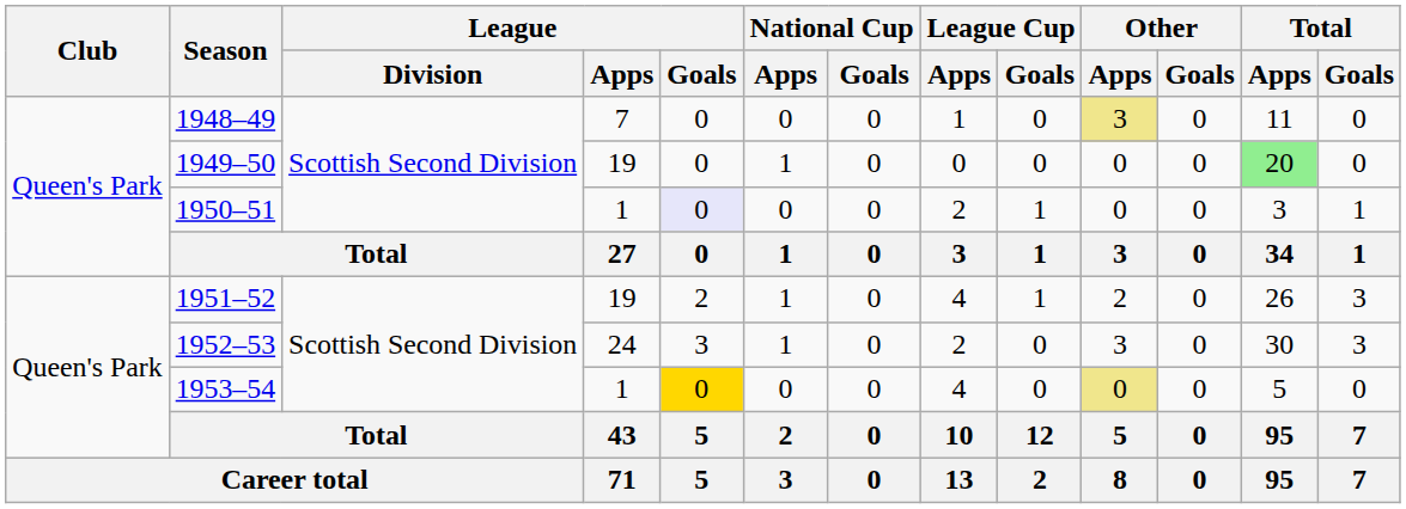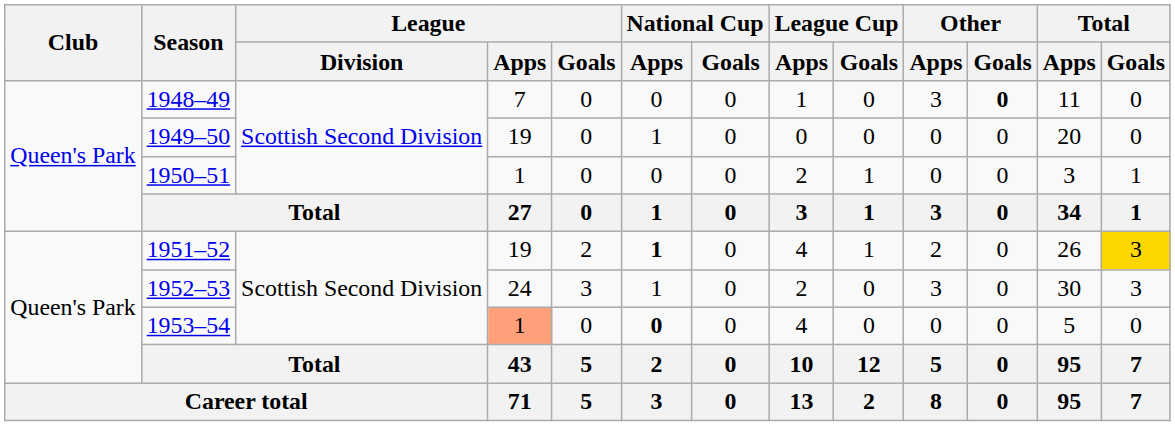 <table class="wikitable" style="text-align: center;">
 <tr>
 <th rowspan="2">Club</th>
 <th rowspan="2">Season</th>
 <th colspan="3">League</th>
 <th colspan="2">National Cup</th>
 <th colspan="2">League Cup</th>
 <th colspan="2">Other</th>
 <th colspan="2">Total</th>
 </tr>
 <tr>
 <th>Division</th>
 <th>Apps</th>
 <th>Goals</th>
 <th>Apps</th>
 <th>Goals</th>
 <th>Apps</th>
 <th>Goals</th>
 <th>Apps</th>
 <th>Goals</th>
 <th>Apps</th>
 <th>Goals</th>
 </tr>
 <tr>
 <td rowspan="4"><a href='#'>Queen's Park</a></td>
 <td><a href='#'>1948–49</a></td>
 <td rowspan="3"><a href='#'>Scottish Second Division</a></td>
 <td>7</td>
 <td>0</td>
 <td>0</td>
 <td>0</td>
 <td>1</td>
 <td>0</td>
-<td style="background: khaki;">3</td>
-<td>0</td>
+<td>3</td>
+<td><strong>0</strong></td>
 <td>11</td>
 <td>0</td>
 </tr>
 <tr>
 <td><a href='#'>1949–50</a></td>
 <td>19</td>
 <td>0</td>
 <td>1</td>
 <td>0</td>
 <td>0</td>
 <td>0</td>
 <td>0</td>
 <td>0</td>
-<td style="background: lightgreen;">20</td>
+<td>20</td>
 <td>0</td>
 </tr>
 <tr>
 <td><a href='#'>1950–51</a></td>
 <td>1</td>
-<td style="background: lavender;">0</td>
+<td>0</td>
 <td>0</td>
 <td>0</td>
 <td>2</td>
 <td>1</td>
 <td>0</td>
 <td>0</td>
 <td>3</td>
 <td>1</td>
 </tr>
 <tr>
 <th colspan="2">Total</th>
 <th>27</th>
 <th>0</th>
 <th>1</th>
 <th>0</th>
 <th>3</th>
 <th>1</th>
 <th>3</th>
 <th>0</th>
 <th>34</th>
 <th>1</th>
 </tr>
 <tr>
 <td rowspan="4">Queen's Park</td>
 <td><a href='#'>1951–52</a></td>
 <td rowspan="3">Scottish Second Division</td>
 <td>19</td>
 <td>2</td>
-<td>1</td>
+<td><strong>1</strong></td>
 <td>0</td>
 <td>4</td>
 <td>1</td>
 <td>2</td>
 <td>0</td>
 <td>26</td>
-<td>3</td>
+<td style="background: gold;">3</td>
 </tr>
 <tr>
 <td><a href='#'>1952–53</a></td>
 <td>24</td>
 <td>3</td>
 <td>1</td>
 <td>0</td>
 <td>2</td>
 <td>0</td>
 <td>3</td>
 <td>0</td>
 <td>30</td>
 <td>3</td>
 </tr>
 <tr>
 <td><a href='#'>1953–54</a></td>
-<td>1</td>
-<td style="background: gold;">0</td>
+<td style="background: lightsalmon;">1</td>
 <td>0</td>
+<td><strong>0</strong></td>
 <td>0</td>
 <td>4</td>
 <td>0</td>
-<td style="background: khaki;">0</td>
+<td>0</td>
 <td>0</td>
 <td>5</td>
 <td>0</td>
 </tr>
 <tr>
 <th colspan="2">Total</th>
 <th>43</th>
 <th>5</th>
 <th>2</th>
 <th>0</th>
 <th>10</th>
 <th>12</th>
 <th>5</th>
 <th>0</th>
 <th>95</th>
 <th>7</th>
 </tr>
 <tr>
 <th colspan="3">Career total</th>
 <th>71</th>
 <th>5</th>
 <th>3</th>
 <th>0</th>
 <th>13</th>
 <th>2</th>
 <th>8</th>
 <th>0</th>
 <th>95</th>
 <th>7</th>
 </tr>
 </table>
